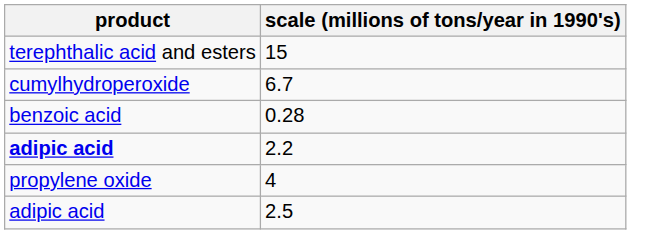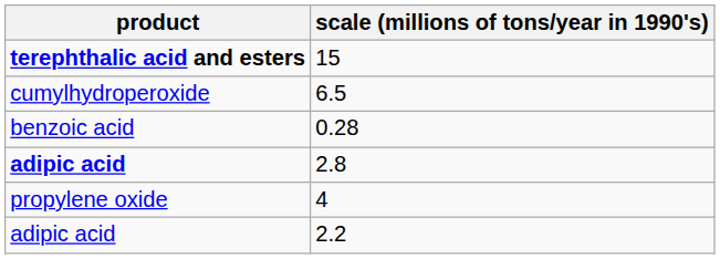 <table class="wikitable">
 <tr>
 <th>product</th>
 <th>scale (millions of tons/year in 1990's)</th>
 </tr>
 <tr>
-<td><a href='#'>terephthalic acid</a> and esters</td>
+<td><strong><a href='#'>terephthalic acid</a> and esters</strong></td>
 <td>15</td>
 </tr>
 <tr>
 <td><a href='#'>cumylhydroperoxide</a></td>
-<td>6.7</td>
+<td>6.5</td>
 </tr>
 <tr>
 <td><a href='#'>benzoic acid</a></td>
 <td>0.28</td>
 </tr>
 <tr>
 <td><strong><a href='#'>adipic acid</a></strong></td>
-<td>2.2</td>
+<td>2.8</td>
 </tr>
 <tr>
 <td><a href='#'>propylene oxide</a></td>
 <td>4</td>
 </tr>
 <tr>
 <td><a href='#'>adipic acid</a></td>
-<td>2.5</td>
+<td>2.2</td>
 </tr>
 </table>
